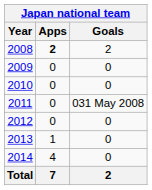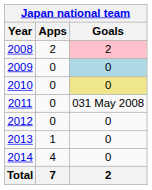 <table class="wikitable" style="text-align:center">
 <tr>
 <th colspan=3><a href='#'>Japan national team</a></th>
 </tr>
 <tr>
 <th>Year</th>
 <th>Apps</th>
 <th>Goals</th>
 </tr>
 <tr>
 <td><a href='#'>2008</a></td>
-<td><strong>2</strong></td>
 <td>2</td>
+<td style="background: pink;">2</td>
 </tr>
 <tr>
 <td><a href='#'>2009</a></td>
 <td>0</td>
-<td>0</td>
+<td style="background: lightblue;">0</td>
 </tr>
 <tr>
 <td><a href='#'>2010</a></td>
 <td>0</td>
-<td>0</td>
+<td style="background: khaki;">0</td>
 </tr>
 <tr>
 <td><a href='#'>2011</a></td>
 <td>0</td>
 <td>031 May 2008</td>
 </tr>
 <tr>
 <td><a href='#'>2012</a></td>
 <td>0</td>
 <td>0</td>
 </tr>
 <tr>
 <td><a href='#'>2013</a></td>
 <td>1</td>
 <td>0</td>
 </tr>
 <tr>
 <td><a href='#'>2014</a></td>
 <td>4</td>
 <td>0</td>
 </tr>
 <tr>
 <th>Total</th>
 <th>7</th>
 <th>2</th>
 </tr>
 </table>
